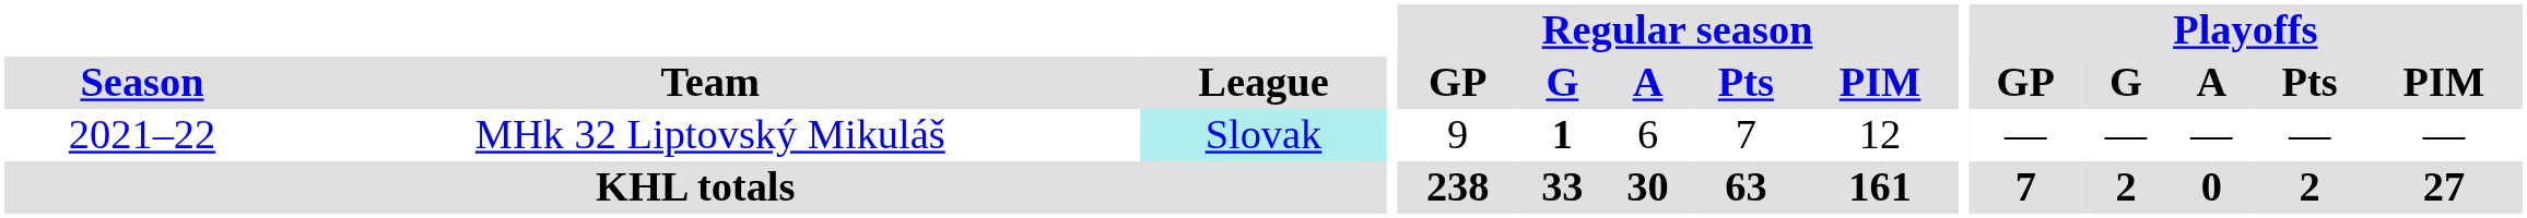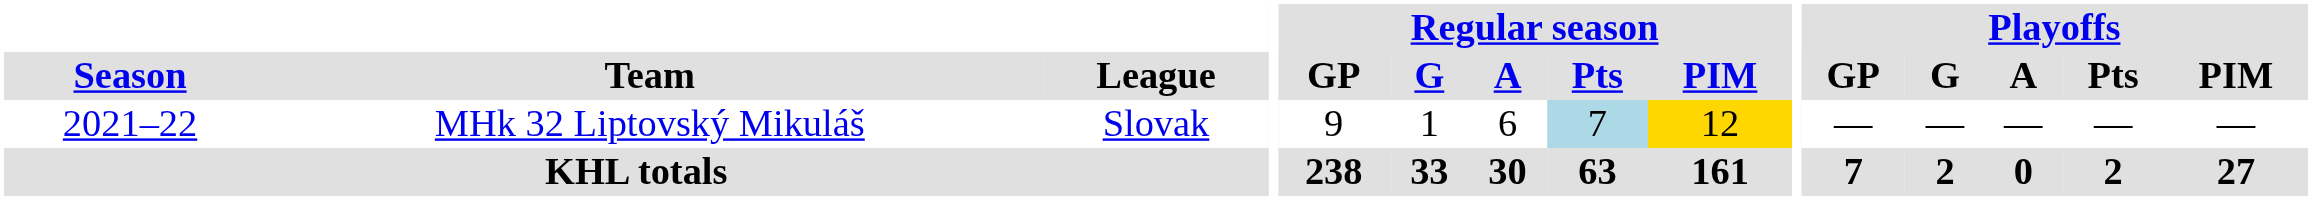 <table border="0" cellpadding="1" cellspacing="0" style="text-align:center; width:60em">
 <tr bgcolor="#e0e0e0">
 <th colspan="3" bgcolor="#ffffff"></th>
 <th rowspan="99" bgcolor="#ffffff"></th>
 <th colspan="5"><a href='#'>Regular season</a></th>
 <th rowspan="99" bgcolor="#ffffff"></th>
 <th colspan="5"><a href='#'>Playoffs</a></th>
 </tr>
 <tr bgcolor="#e0e0e0">
 <th><a href='#'>Season</a></th>
 <th>Team</th>
 <th>League</th>
 <th>GP</th>
 <th><a href='#'>G</a></th>
 <th><a href='#'>A</a></th>
 <th><a href='#'>Pts</a></th>
 <th><a href='#'>PIM</a></th>
 <th>GP</th>
 <th>G</th>
 <th>A</th>
 <th>Pts</th>
 <th>PIM</th>
 </tr>
 <tr>
 <td><a href='#'>2021–22</a></td>
 <td><a href='#'>MHk 32 Liptovský Mikuláš</a></td>
-<td style="background: paleturquoise;"><a href='#'>Slovak</a></td>
+<td><a href='#'>Slovak</a></td>
 <td>9</td>
-<td><strong>1</strong></td>
+<td>1</td>
 <td>6</td>
-<td>7</td>
-<td>12</td>
+<td style="background: lightblue;">7</td>
+<td style="background: gold;">12</td>
 <td>—</td>
 <td>—</td>
 <td>—</td>
 <td>—</td>
 <td>—</td>
 </tr>
 <tr bgcolor="#e0e0e0">
 <th colspan="3">KHL totals</th>
 <th>238</th>
 <th>33</th>
 <th>30</th>
 <th>63</th>
 <th>161</th>
 <th>7</th>
 <th>2</th>
 <th>0</th>
 <th>2</th>
 <th>27</th>
 </tr>
 </table>
